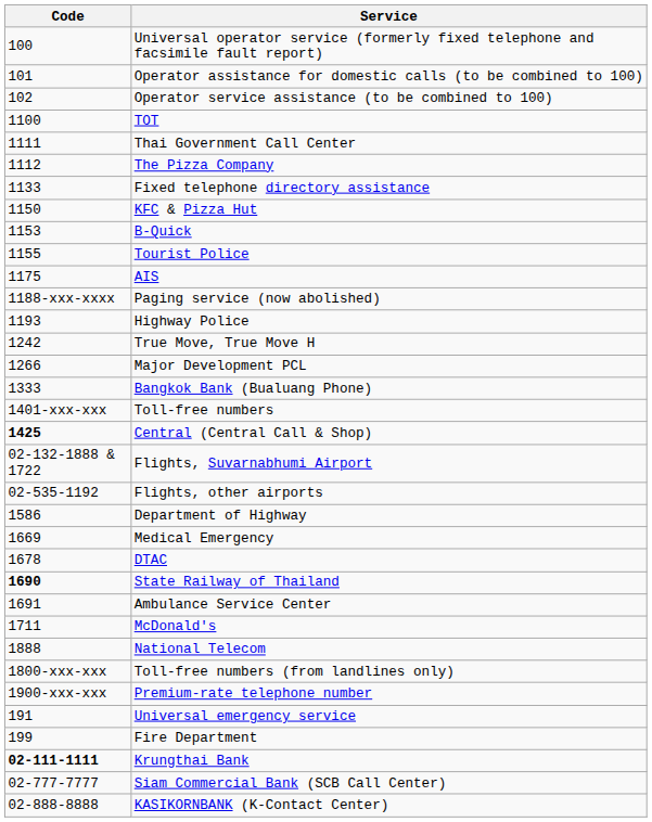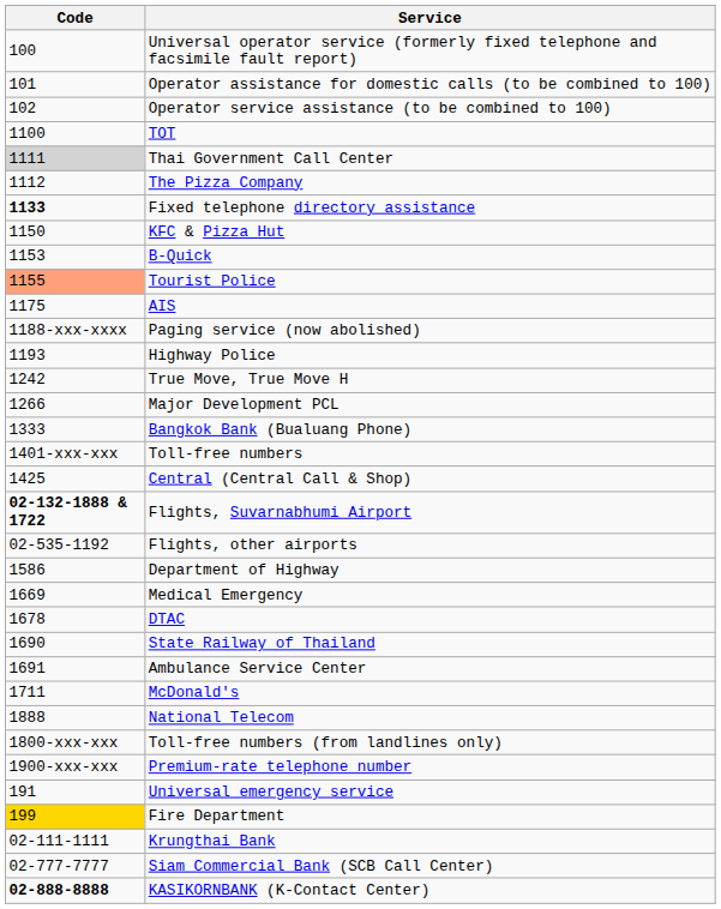 <table class="wikitable">
 <tr>
 <th>Code</th>
 <th>Service</th>
 </tr>
 <tr>
 <td>100</td>
 <td>Universal operator service (formerly fixed telephone and facsimile fault report)</td>
 </tr>
 <tr>
 <td>101</td>
 <td>Operator assistance for domestic calls (to be combined to 100)</td>
 </tr>
 <tr>
 <td>102</td>
 <td>Operator service assistance (to be combined to 100)</td>
 </tr>
 <tr>
 <td>1100</td>
 <td><a href='#'>TOT</a></td>
 </tr>
 <tr>
-<td>1111</td>
+<td style="background: lightgrey;">1111</td>
 <td>Thai Government Call Center</td>
 </tr>
 <tr>
 <td>1112</td>
 <td><a href='#'>The Pizza Company</a></td>
 </tr>
 <tr>
-<td>1133</td>
+<td><strong>1133</strong></td>
 <td>Fixed telephone <a href='#'>directory assistance</a></td>
 </tr>
 <tr>
 <td>1150</td>
 <td><a href='#'>KFC</a> & <a href='#'>Pizza Hut</a></td>
 </tr>
 <tr>
 <td>1153</td>
 <td><a href='#'>B-Quick</a></td>
 </tr>
 <tr>
-<td>1155</td>
+<td style="background: lightsalmon;">1155</td>
 <td><a href='#'>Tourist Police</a></td>
 </tr>
 <tr>
 <td>1175</td>
 <td><a href='#'>AIS</a></td>
 </tr>
 <tr>
 <td>1188-xxx-xxxx</td>
 <td>Paging service (now abolished)</td>
 </tr>
 <tr>
 <td>1193</td>
 <td>Highway Police</td>
 </tr>
 <tr>
 <td>1242</td>
 <td>True Move, True Move H</td>
 </tr>
 <tr>
 <td>1266</td>
 <td>Major Development PCL</td>
 </tr>
 <tr>
 <td>1333</td>
 <td><a href='#'>Bangkok Bank</a> (Bualuang Phone)</td>
 </tr>
 <tr>
 <td>1401-xxx-xxx</td>
 <td>Toll-free numbers</td>
 </tr>
 <tr>
-<td><strong>1425</strong></td>
+<td>1425</td>
 <td><a href='#'>Central</a> (Central Call & Shop)</td>
 </tr>
 <tr>
-<td>02-132-1888 & 1722</td>
+<td><strong>02-132-1888 & 1722</strong></td>
 <td>Flights, <a href='#'>Suvarnabhumi Airport</a></td>
 </tr>
 <tr>
 <td>02-535-1192</td>
 <td>Flights, other airports</td>
 </tr>
 <tr>
 <td>1586</td>
 <td>Department of Highway</td>
 </tr>
 <tr>
 <td>1669</td>
 <td>Medical Emergency</td>
 </tr>
 <tr>
 <td>1678</td>
 <td><a href='#'>DTAC</a></td>
 </tr>
 <tr>
-<td><strong>1690</strong></td>
+<td>1690</td>
 <td><a href='#'>State Railway of Thailand</a></td>
 </tr>
 <tr>
 <td>1691</td>
 <td>Ambulance Service Center</td>
 </tr>
 <tr>
 <td>1711</td>
 <td><a href='#'>McDonald's</a></td>
 </tr>
 <tr>
 <td>1888</td>
 <td><a href='#'>National Telecom</a></td>
 </tr>
 <tr>
 <td>1800-xxx-xxx</td>
 <td>Toll-free numbers (from landlines only)</td>
 </tr>
 <tr>
 <td>1900-xxx-xxx</td>
 <td><a href='#'>Premium-rate telephone number</a></td>
 </tr>
 <tr>
 <td>191</td>
 <td><a href='#'>Universal emergency service</a></td>
 </tr>
 <tr>
-<td>199</td>
+<td style="background: gold;">199</td>
 <td>Fire Department</td>
 </tr>
 <tr>
-<td><strong>02-111-1111</strong></td>
+<td>02-111-1111</td>
 <td><a href='#'>Krungthai Bank</a></td>
 </tr>
 <tr>
 <td>02-777-7777</td>
 <td><a href='#'>Siam Commercial Bank</a> (SCB Call Center)</td>
 </tr>
 <tr>
-<td>02-888-8888</td>
+<td><strong>02-888-8888</strong></td>
 <td><a href='#'>KASIKORNBANK</a> (K-Contact Center)</td>
 </tr>
 </table>
